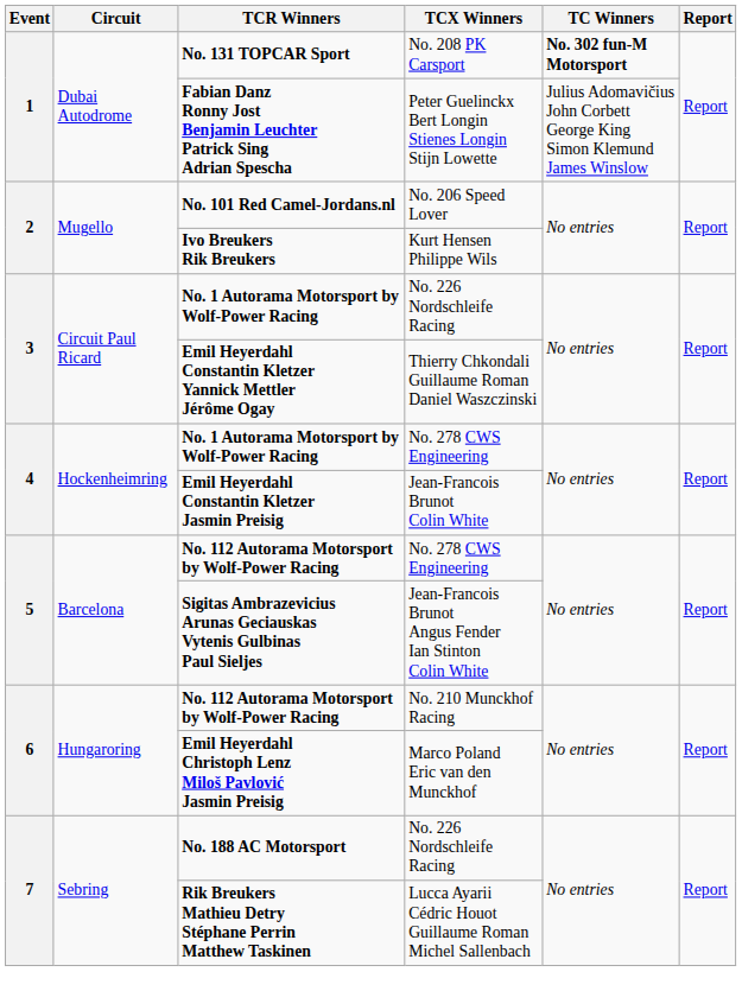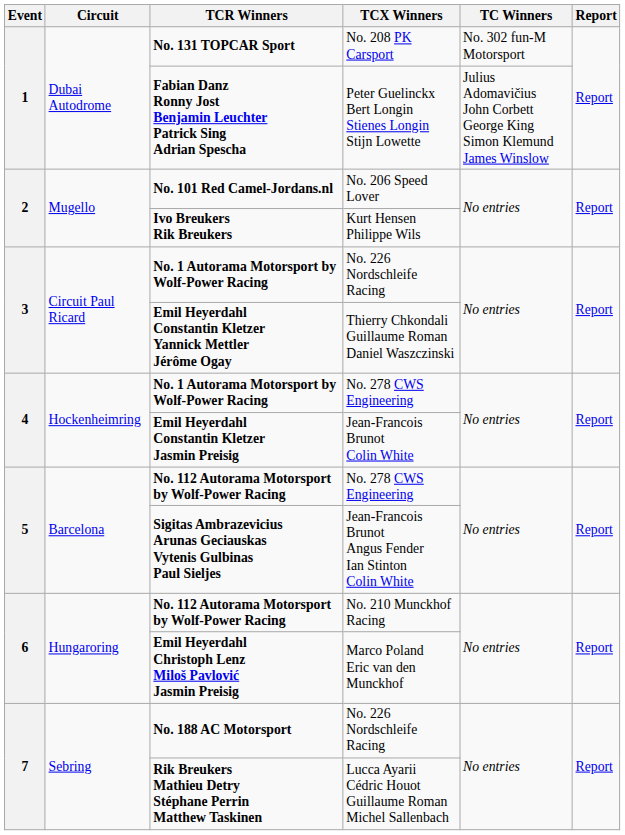 <table class="wikitable" style="font-size: 85%">
 <tr>
 <th>Event</th>
 <th>Circuit</th>
 <th>TCR Winners</th>
 <th>TCX Winners</th>
 <th>TC Winners</th>
 <th>Report</th>
 </tr>
 <tr>
 <th rowspan=2>1</th>
 <td rowspan=2> <a href='#'>Dubai Autodrome</a></td>
 <td><strong> No. 131 TOPCAR Sport</strong></td>
 <td> No. 208 <a href='#'>PK Carsport</a></td>
-<td><strong> No. 302 fun-M Motorsport</strong></td>
+<td> No. 302 fun-M Motorsport</td>
 <td rowspan=2><a href='#'>Report</a></td>
 </tr>
 <tr>
 <td><strong> Fabian Danz<br> Ronny Jost<br> <a href='#'>Benjamin Leuchter</a><br> Patrick Sing<br> Adrian Spescha</strong></td>
 <td> Peter Guelinckx<br> Bert Longin<br> <a href='#'>Stienes Longin</a><br> Stijn Lowette</td>
 <td> Julius Adomavičius<br> John Corbett<br> George King<br> Simon Klemund<br> <a href='#'>James Winslow</a></td>
 </tr>
 <tr>
 <th rowspan=2>2</th>
 <td rowspan=2> <a href='#'>Mugello</a></td>
 <td><strong> No. 101 Red Camel-Jordans.nl</strong></td>
 <td> No. 206 Speed Lover</td>
 <td rowspan=2><em>No entries</em></td>
 <td rowspan=2><a href='#'>Report</a></td>
 </tr>
 <tr>
 <td><strong> Ivo Breukers<br> Rik Breukers</strong></td>
 <td> Kurt Hensen<br> Philippe Wils</td>
 </tr>
 <tr>
 <th rowspan=2>3</th>
 <td rowspan=2> <a href='#'>Circuit Paul Ricard</a></td>
 <td> <strong>No. 1 Autorama Motorsport by Wolf-Power Racing</strong></td>
 <td> No. 226 Nordschleife Racing</td>
 <td rowspan=2><em>No entries</em></td>
 <td rowspan=2><a href='#'>Report</a></td>
 </tr>
 <tr>
 <td> <strong>Emil Heyerdahl</strong><br> <strong>Constantin Kletzer</strong><br> <strong>Yannick Mettler</strong><br> <strong>Jérôme Ogay</strong></td>
 <td> Thierry Chkondali<br> Guillaume Roman<br> Daniel Waszczinski</td>
 </tr>
 <tr>
 <th rowspan=2>4</th>
 <td rowspan=2> <a href='#'>Hockenheimring</a></td>
 <td><strong> No. 1 Autorama Motorsport by Wolf-Power Racing</strong></td>
 <td> No. 278 <a href='#'>CWS Engineering</a></td>
 <td rowspan=2><em>No entries</em></td>
 <td rowspan=2><a href='#'>Report</a></td>
 </tr>
 <tr>
 <td><strong> Emil Heyerdahl<br> Constantin Kletzer<br> Jasmin Preisig</strong></td>
 <td> Jean-Francois Brunot<br> <a href='#'>Colin White</a></td>
 </tr>
 <tr>
 <th rowspan=2>5</th>
 <td rowspan=2> <a href='#'>Barcelona</a></td>
 <td><strong> No. 112 Autorama Motorsport by Wolf-Power Racing</strong></td>
 <td> No. 278 <a href='#'>CWS Engineering</a></td>
 <td rowspan=2><em>No entries</em></td>
 <td rowspan=2><a href='#'>Report</a></td>
 </tr>
 <tr>
 <td><strong> Sigitas Ambrazevicius<br> Arunas Geciauskas<br> Vytenis Gulbinas<br> Paul Sieljes</strong></td>
 <td> Jean-Francois Brunot<br> Angus Fender<br> Ian Stinton<br> <a href='#'>Colin White</a></td>
 </tr>
 <tr>
 <th rowspan=2>6</th>
 <td rowspan=2> <a href='#'>Hungaroring</a></td>
 <td><strong> No. 112 Autorama Motorsport by Wolf-Power Racing</strong></td>
 <td> No. 210 Munckhof Racing</td>
 <td rowspan=2><em>No entries</em></td>
 <td rowspan=2><a href='#'>Report</a></td>
 </tr>
 <tr>
 <td><strong> Emil Heyerdahl<br> Christoph Lenz<br> <a href='#'>Miloš Pavlović</a><br> Jasmin Preisig</strong></td>
 <td> Marco Poland<br> Eric van den Munckhof</td>
 </tr>
 <tr>
 <th rowspan=2>7</th>
 <td rowspan=2> <a href='#'>Sebring</a></td>
 <td><strong> No. 188 AC Motorsport</strong></td>
 <td> No. 226 Nordschleife Racing</td>
 <td rowspan=2><em>No entries</em></td>
 <td rowspan=2><a href='#'>Report</a></td>
 </tr>
 <tr>
 <td><strong> Rik Breukers<br> Mathieu Detry<br> Stéphane Perrin<br> Matthew Taskinen</strong></td>
 <td> Lucca Ayarii<br> Cédric Houot<br> Guillaume Roman<br> Michel Sallenbach</td>
 </tr>
 </table>
